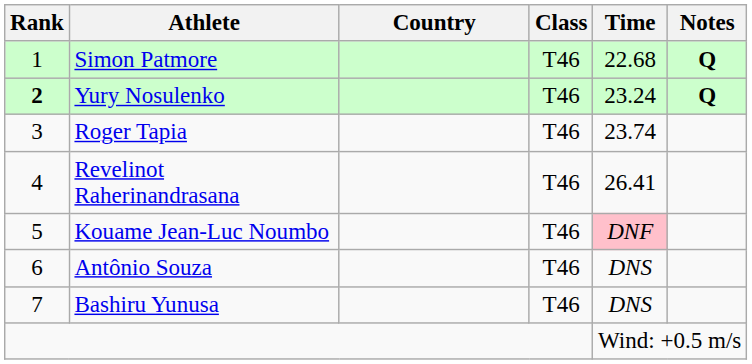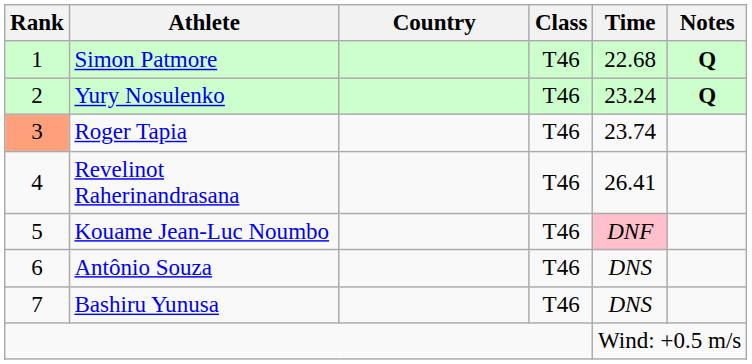 <table class="wikitable sortable" style="text-align:center">
 <tr>
 <th>Rank</th>
 <th style="width:180px">Athlete</th>
 <th style="width:125px">Country</th>
 <th>Class</th>
 <th>Time</th>
 <th>Notes</th>
 </tr>
 <tr style="background:#cfc;">
 <td>1</td>
 <td style="text-align:left;"><a href='#'>Simon Patmore</a></td>
 <td style="text-align:left;"></td>
 <td>T46</td>
 <td>22.68</td>
 <td><strong>Q</strong></td>
 </tr>
 <tr style="background:#cfc;">
-<td><strong>2</strong></td>
+<td>2</td>
 <td style="text-align:left;"><a href='#'>Yury Nosulenko</a></td>
 <td style="text-align:left;"></td>
 <td>T46</td>
 <td>23.24</td>
 <td><strong>Q</strong></td>
 </tr>
 <tr>
-<td>3</td>
+<td style="background: lightsalmon;">3</td>
 <td style="text-align:left;"><a href='#'>Roger Tapia</a></td>
 <td style="text-align:left;"></td>
 <td>T46</td>
 <td>23.74</td>
 <td></td>
 </tr>
 <tr>
 <td>4</td>
 <td style="text-align:left;"><a href='#'>Revelinot Raherinandrasana</a></td>
 <td style="text-align:left;"></td>
 <td>T46</td>
 <td>26.41</td>
 <td></td>
 </tr>
 <tr>
 <td>5</td>
 <td style="text-align:left;"><a href='#'>Kouame Jean-Luc Noumbo</a></td>
 <td style="text-align:left;"></td>
 <td>T46</td>
 <td style="background: pink;"><em>DNF</em></td>
 <td></td>
 </tr>
 <tr>
 <td>6</td>
 <td style="text-align:left;"><a href='#'>Antônio Souza</a></td>
 <td style="text-align:left;"></td>
 <td>T46</td>
 <td><em>DNS</em></td>
 <td></td>
 </tr>
 <tr>
 <td>7</td>
 <td style="text-align:left;"><a href='#'>Bashiru Yunusa</a></td>
 <td style="text-align:left;"></td>
 <td>T46</td>
 <td><em>DNS</em></td>
 <td></td>
 </tr>
 <tr class="sortbottom">
 <td colspan="4"></td>
 <td colspan="2">Wind: +0.5 m/s</td>
 </tr>
 </table>
